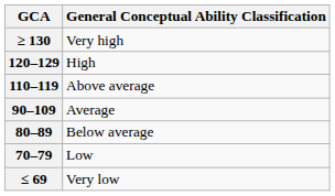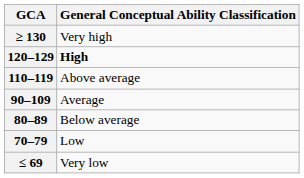 <table class="wikitable">
 <tr>
 <th>GCA</th>
 <th>General Conceptual Ability Classification</th>
 </tr>
 <tr>
 <th>≥ 130</th>
 <td>Very high</td>
 </tr>
 <tr>
 <th>120–129</th>
-<td>High</td>
+<td><strong>High</strong></td>
 </tr>
 <tr>
 <th>110–119</th>
 <td>Above average</td>
 </tr>
 <tr>
 <th>90–109</th>
 <td>Average</td>
 </tr>
 <tr>
 <th>80–89</th>
 <td>Below average</td>
 </tr>
 <tr>
 <th>70–79</th>
 <td>Low</td>
 </tr>
 <tr>
 <th>≤ 69</th>
 <td>Very low</td>
 </tr>
 </table>
